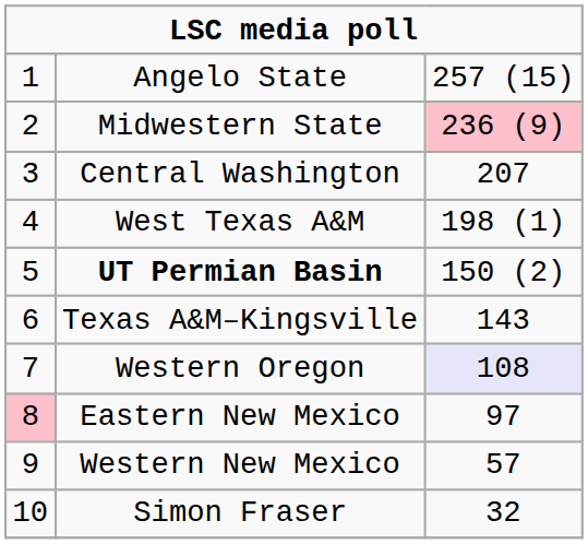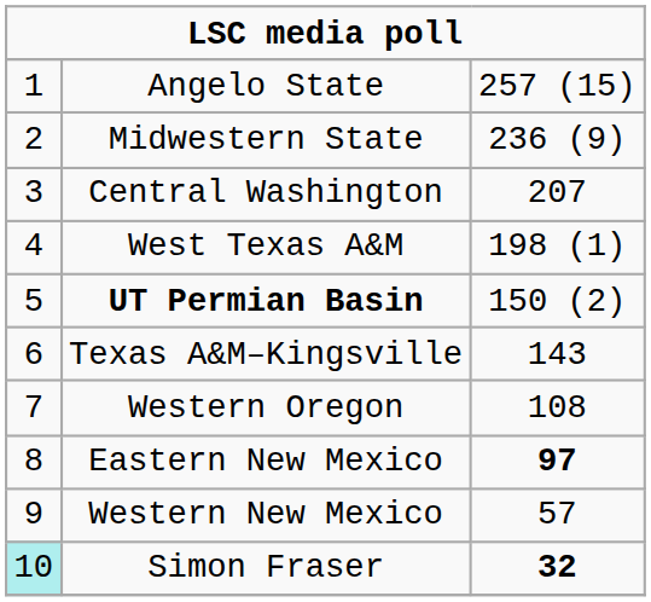 <table class="wikitable" style="display: inline-table;">
 <tr>
 <td align="center" Colspan="3"><strong>LSC media poll</strong></td>
 </tr>
 <tr align="center">
 </tr>
 <tr align="center">
 <td>1</td>
 <td>Angelo State</td>
 <td>257 (15)</td>
 </tr>
 <tr align="center">
 <td>2</td>
 <td>Midwestern State</td>
-<td style="background: pink;">236 (9)</td>
+<td>236 (9)</td>
 </tr>
 <tr align="center">
 <td>3</td>
 <td>Central Washington</td>
 <td>207</td>
 </tr>
 <tr align="center">
 <td>4</td>
 <td>West Texas A&M</td>
 <td>198 (1)</td>
 </tr>
 <tr align="center">
 <td>5</td>
 <td><strong>UT Permian Basin</strong></td>
 <td>150 (2)</td>
 </tr>
 <tr align="center">
 <td>6</td>
 <td>Texas A&M–Kingsville</td>
 <td>143</td>
 </tr>
 <tr align="center">
 <td>7</td>
 <td>Western Oregon</td>
-<td style="background: lavender;">108</td>
+<td>108</td>
 </tr>
 <tr align="center">
-<td style="background: pink;">8</td>
+<td>8</td>
 <td>Eastern New Mexico</td>
-<td>97</td>
+<td><strong>97</strong></td>
 </tr>
 <tr align="center">
 <td>9</td>
 <td>Western New Mexico</td>
 <td>57</td>
 </tr>
 <tr align="center">
-<td>10</td>
+<td style="background: paleturquoise;">10</td>
 <td>Simon Fraser</td>
-<td>32</td>
+<td><strong>32</strong></td>
 </tr>
 <tr>
 </tr>
 </table>
